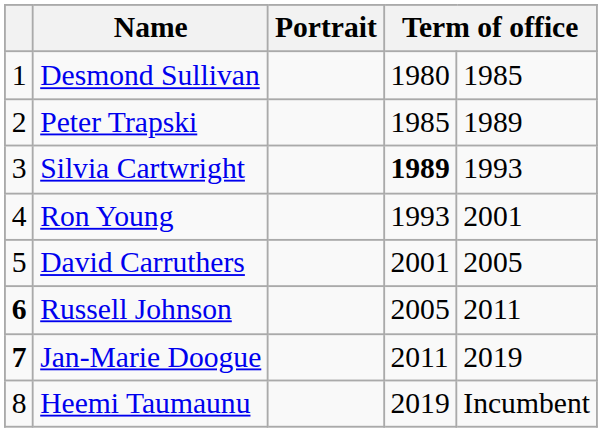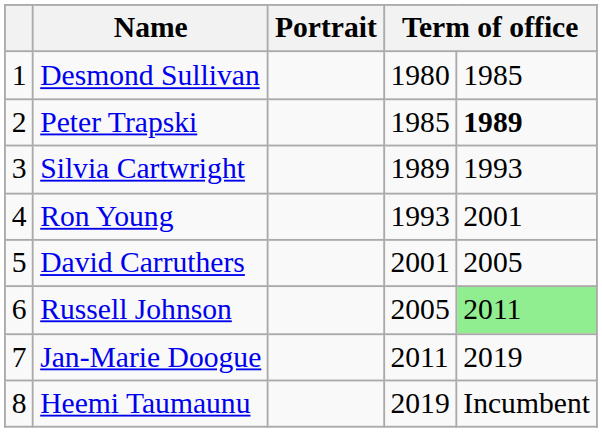 <table class="wikitable">
 <tr>
 <th></th>
 <th>Name</th>
 <th>Portrait</th>
 <th colspan=2>Term of office</th>
 </tr>
 <tr>
 <td align="center">1</td>
 <td><a href='#'>Desmond Sullivan</a></td>
 <td></td>
 <td>1980</td>
 <td>1985</td>
 </tr>
 <tr>
 <td align="center">2</td>
 <td><a href='#'>Peter Trapski</a></td>
 <td></td>
 <td>1985</td>
-<td>1989</td>
+<td><strong>1989</strong></td>
 </tr>
 <tr>
 <td align="center">3</td>
 <td><a href='#'>Silvia Cartwright</a></td>
 <td></td>
-<td><strong>1989</strong></td>
+<td>1989</td>
 <td>1993</td>
 </tr>
 <tr>
 <td align="center">4</td>
 <td><a href='#'>Ron Young</a></td>
 <td></td>
 <td>1993</td>
 <td>2001</td>
 </tr>
 <tr>
 <td align="center">5</td>
 <td><a href='#'>David Carruthers</a></td>
 <td></td>
 <td>2001</td>
 <td>2005</td>
 </tr>
 <tr>
-<td align="center"><strong>6</strong></td>
+<td align="center">6</td>
 <td><a href='#'>Russell Johnson</a></td>
 <td></td>
 <td>2005</td>
-<td>2011</td>
+<td style="background: lightgreen;">2011</td>
 </tr>
 <tr>
-<td align="center"><strong>7</strong></td>
+<td align="center">7</td>
 <td><a href='#'>Jan-Marie Doogue</a></td>
 <td></td>
 <td>2011</td>
 <td>2019</td>
 </tr>
 <tr>
 <td align="center">8</td>
 <td><a href='#'>Heemi Taumaunu</a></td>
 <td></td>
 <td>2019</td>
 <td>Incumbent</td>
 </tr>
 </table>
